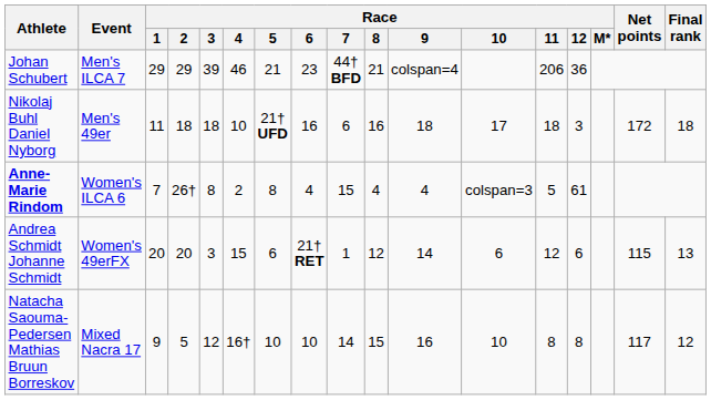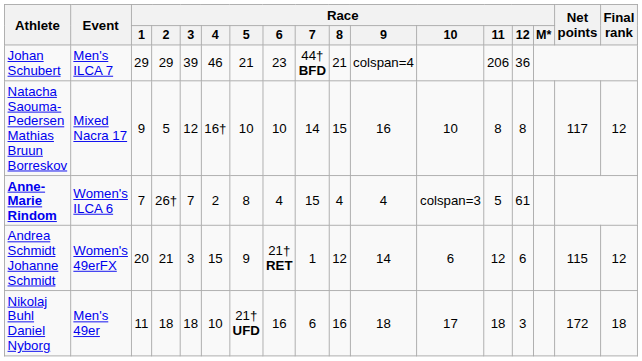 <table class="wikitable" style="font-size:90%">
 <tr>
 <th rowspan="2">Athlete</th>
 <th rowspan="2">Event</th>
 <th colspan=13>Race</th>
 <th rowspan=2>Net points</th>
 <th rowspan=2>Final rank</th>
 </tr>
 <tr style="font-size:95%">
 <th>1</th>
 <th>2</th>
 <th>3</th>
 <th>4</th>
 <th>5</th>
 <th>6</th>
 <th>7</th>
 <th>8</th>
 <th>9</th>
 <th>10</th>
 <th>11</th>
 <th>12</th>
 <th>M*</th>
 </tr>
 <tr align=center>
 <td align=left><a href='#'>Johan Schubert</a></td>
 <td align=left><a href='#'>Men's ILCA 7</a></td>
 <td>29</td>
 <td>29</td>
 <td>39</td>
 <td>46</td>
 <td>21</td>
 <td>23</td>
 <td>44†<br><strong>BFD</strong></td>
 <td>21</td>
 <td>colspan=4 </td>
 <td></td>
 <td>206</td>
 <td>36</td>
 </tr>
 <tr align=center>
+<td align=left><a href='#'>Natacha Saouma-Pedersen</a><br><a href='#'>Mathias Bruun Borreskov</a></td>
+<td align=left><a href='#'>Mixed Nacra 17</a></td>
+<td>9</td>
+<td>5</td>
+<td>12</td>
+<td>16†</td>
+<td>10</td>
+<td>10</td>
+<td>14</td>
+<td>15</td>
+<td>16</td>
+<td>10</td>
+<td>8</td>
+<td>8</td>
+<td></td>
+<td>117</td>
+<td>12</td>
+</tr>
+<tr align=center>
+<td align=left><strong><a href='#'>Anne-Marie Rindom</a></strong></td>
+<td align=left><a href='#'>Women's ILCA 6</a></td>
+<td>7</td>
+<td>26†</td>
+<td>7</td>
+<td>2</td>
+<td>8</td>
+<td>4</td>
+<td>15</td>
+<td>4</td>
+<td>4</td>
+<td>colspan=3 </td>
+<td>5</td>
+<td>61</td>
+<td></td>
+</tr>
+<tr align=center>
+<td align=left><a href='#'>Andrea Schmidt</a><br><a href='#'>Johanne Schmidt</a></td>
+<td align=left><a href='#'>Women's 49erFX</a></td>
+<td>20</td>
+<td>21</td>
+<td>3</td>
+<td>15</td>
+<td>9</td>
+<td>21†<br><strong>RET</strong></td>
+<td>1</td>
+<td>12</td>
+<td>14</td>
+<td>6</td>
+<td>12</td>
+<td>6</td>
+<td></td>
+<td>115</td>
+<td>12</td>
+</tr>
+<tr align=center>
 <td align=left><a href='#'>Nikolaj Buhl</a><br><a href='#'>Daniel Nyborg</a></td>
 <td align=left><a href='#'>Men's 49er</a></td>
 <td>11</td>
 <td>18</td>
 <td>18</td>
 <td>10</td>
 <td>21†<br><strong>UFD</strong></td>
 <td>16</td>
 <td>6</td>
 <td>16</td>
 <td>18</td>
 <td>17</td>
 <td>18</td>
 <td>3</td>
 <td></td>
 <td>172</td>
 <td>18</td>
 </tr>
-<tr align=center>
-<td align=left><strong><a href='#'>Anne-Marie Rindom</a></strong></td>
-<td align=left><a href='#'>Women's ILCA 6</a></td>
-<td>7</td>
-<td>26†</td>
-<td>8</td>
-<td>2</td>
-<td>8</td>
-<td>4</td>
-<td>15</td>
-<td>4</td>
-<td>4</td>
-<td>colspan=3 </td>
-<td>5</td>
-<td>61</td>
-<td></td>
-</tr>
-<tr align=center>
-<td align=left><a href='#'>Andrea Schmidt</a><br><a href='#'>Johanne Schmidt</a></td>
-<td align=left><a href='#'>Women's 49erFX</a></td>
-<td>20</td>
-<td>20</td>
-<td>3</td>
-<td>15</td>
-<td>6</td>
-<td>21†<br><strong>RET</strong></td>
-<td>1</td>
-<td>12</td>
-<td>14</td>
-<td>6</td>
-<td>12</td>
-<td>6</td>
-<td></td>
-<td>115</td>
-<td>13</td>
-</tr>
-<tr align=center>
-<td align=left><a href='#'>Natacha Saouma-Pedersen</a><br><a href='#'>Mathias Bruun Borreskov</a></td>
-<td align=left><a href='#'>Mixed Nacra 17</a></td>
-<td>9</td>
-<td>5</td>
-<td>12</td>
-<td>16†</td>
-<td>10</td>
-<td>10</td>
-<td>14</td>
-<td>15</td>
-<td>16</td>
-<td>10</td>
-<td>8</td>
-<td>8</td>
-<td></td>
-<td>117</td>
-<td>12</td>
-</tr>
 </table>
